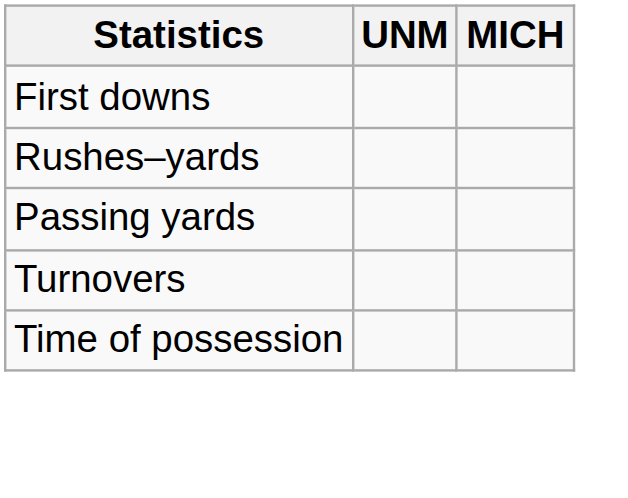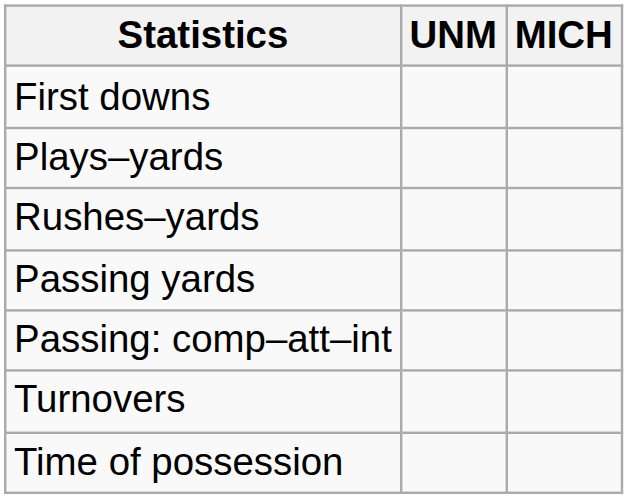 <table class="wikitable" style="float:left">
 <tr>
 <th>Statistics</th>
 <th>UNM</th>
 <th>MICH</th>
 </tr>
 <tr>
 <td>First downs</td>
+<td></td>
+<td></td>
+</tr>
+<tr>
+<td>Plays–yards</td>
 <td></td>
 <td></td>
 </tr>
 <tr>
 <td>Rushes–yards</td>
 <td></td>
 <td></td>
 </tr>
 <tr>
 <td>Passing yards</td>
 <td></td>
 <td></td>
 </tr>
 <tr>
+<td>Passing: comp–att–int</td>
+<td></td>
+<td></td>
+</tr>
+<tr>
 <td>Turnovers</td>
 <td></td>
 <td></td>
 </tr>
 <tr>
 <td>Time of possession</td>
 <td></td>
 <td></td>
 </tr>
 </table>
